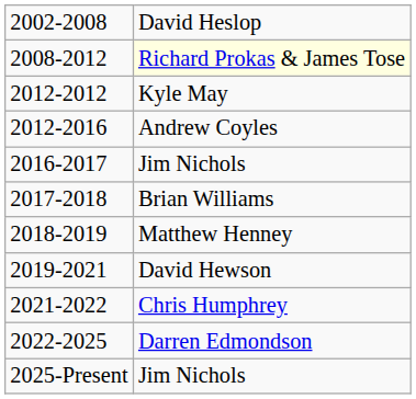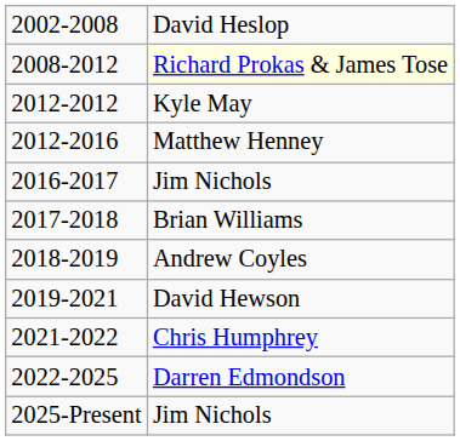 <table class="wikitable">
 <tr>
 <td>2002-2008</td>
 <td>David Heslop</td>
 </tr>
 <tr>
 <td>2008-2012</td>
 <td style="background: lightyellow;"><a href='#'>Richard Prokas</a> & James Tose</td>
 </tr>
 <tr>
 <td>2012-2012</td>
 <td>Kyle May</td>
 </tr>
 <tr>
 <td>2012-2016</td>
-<td>Andrew Coyles</td>
+<td>Matthew Henney</td>
 </tr>
 <tr>
 <td>2016-2017</td>
 <td>Jim Nichols</td>
 </tr>
 <tr>
 <td>2017-2018</td>
 <td>Brian Williams</td>
 </tr>
 <tr>
 <td>2018-2019</td>
-<td>Matthew Henney</td>
+<td>Andrew Coyles</td>
 </tr>
 <tr>
 <td>2019-2021</td>
 <td>David Hewson</td>
 </tr>
 <tr>
 <td>2021-2022</td>
 <td><a href='#'>Chris Humphrey</a></td>
 </tr>
 <tr>
 <td>2022-2025</td>
 <td><a href='#'>Darren Edmondson</a></td>
 </tr>
 <tr>
 <td>2025-Present</td>
 <td>Jim Nichols</td>
 </tr>
 </table>
